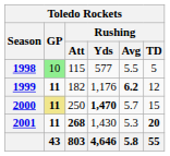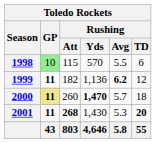 <table class="wikitable" style="text-align:center;">
 <tr>
 <th colspan="16">Toledo Rockets</th>
 </tr>
 <tr>
 <th rowspan="2">Season</th>
 <th rowspan="2">GP</th>
 <th colspan="6">Rushing</th>
 </tr>
 <tr>
 <th>Att</th>
 <th>Yds</th>
 <th>Avg</th>
 <th>TD</th>
 </tr>
 <tr>
 <th><a href='#'>1998</a></th>
 <td style="background: lightgreen;">10</td>
 <td>115</td>
-<td>577</td>
+<td>570</td>
 <td>5.5</td>
-<td>5</td>
+<td>6</td>
 </tr>
 <tr>
 <th><a href='#'>1999</a></th>
 <td><strong>11</strong></td>
 <td>182</td>
-<td>1,176</td>
+<td>1,136</td>
 <td><strong>6.2</strong></td>
 <td>12</td>
 </tr>
 <tr>
 <th><a href='#'>2000</a></th>
 <td style="background: khaki;"><strong>11</strong></td>
-<td>250</td>
+<td>260</td>
 <td><strong>1,470</strong></td>
 <td>5.7</td>
-<td>15</td>
+<td>18</td>
 </tr>
 <tr>
 <th><a href='#'>2001</a></th>
 <td><strong>11</strong></td>
 <td><strong>268</strong></td>
 <td>1,430</td>
 <td>5.3</td>
 <td><strong>20</strong></td>
 </tr>
 <tr>
 <th></th>
 <th>43</th>
 <th>803</th>
 <th>4,646</th>
 <th>5.8</th>
 <th>55</th>
 </tr>
 </table>
